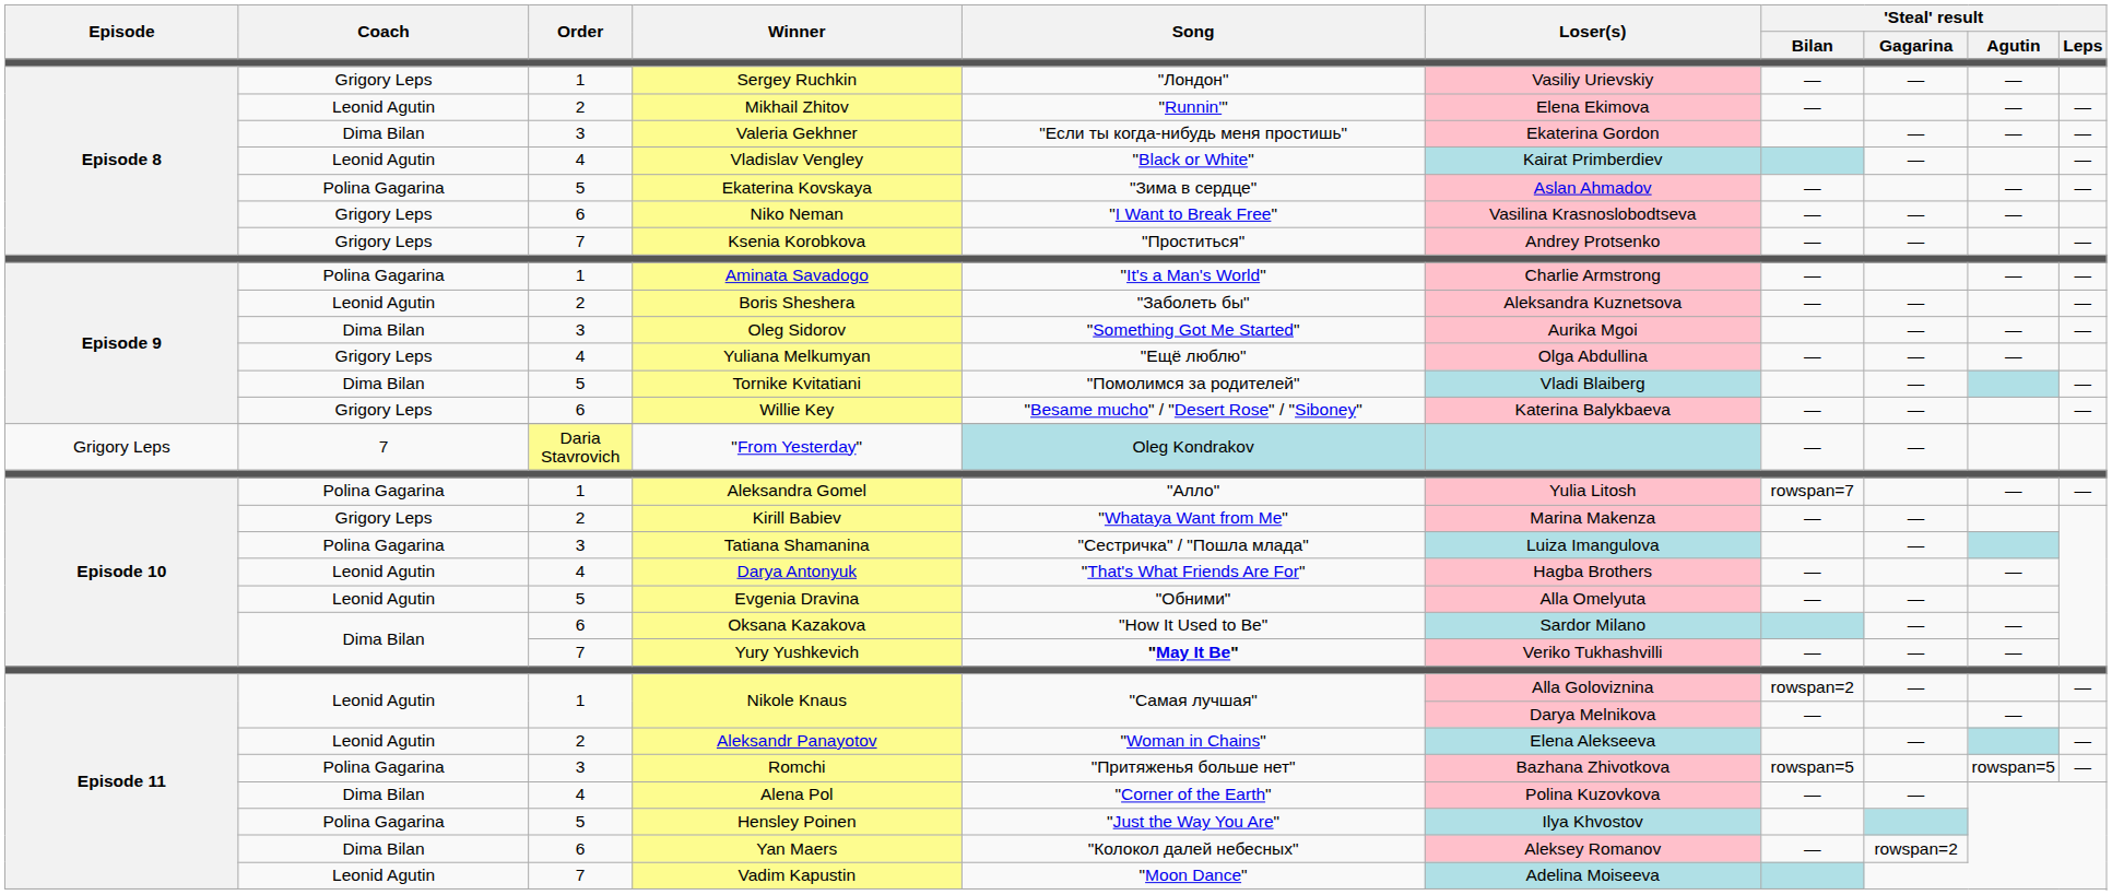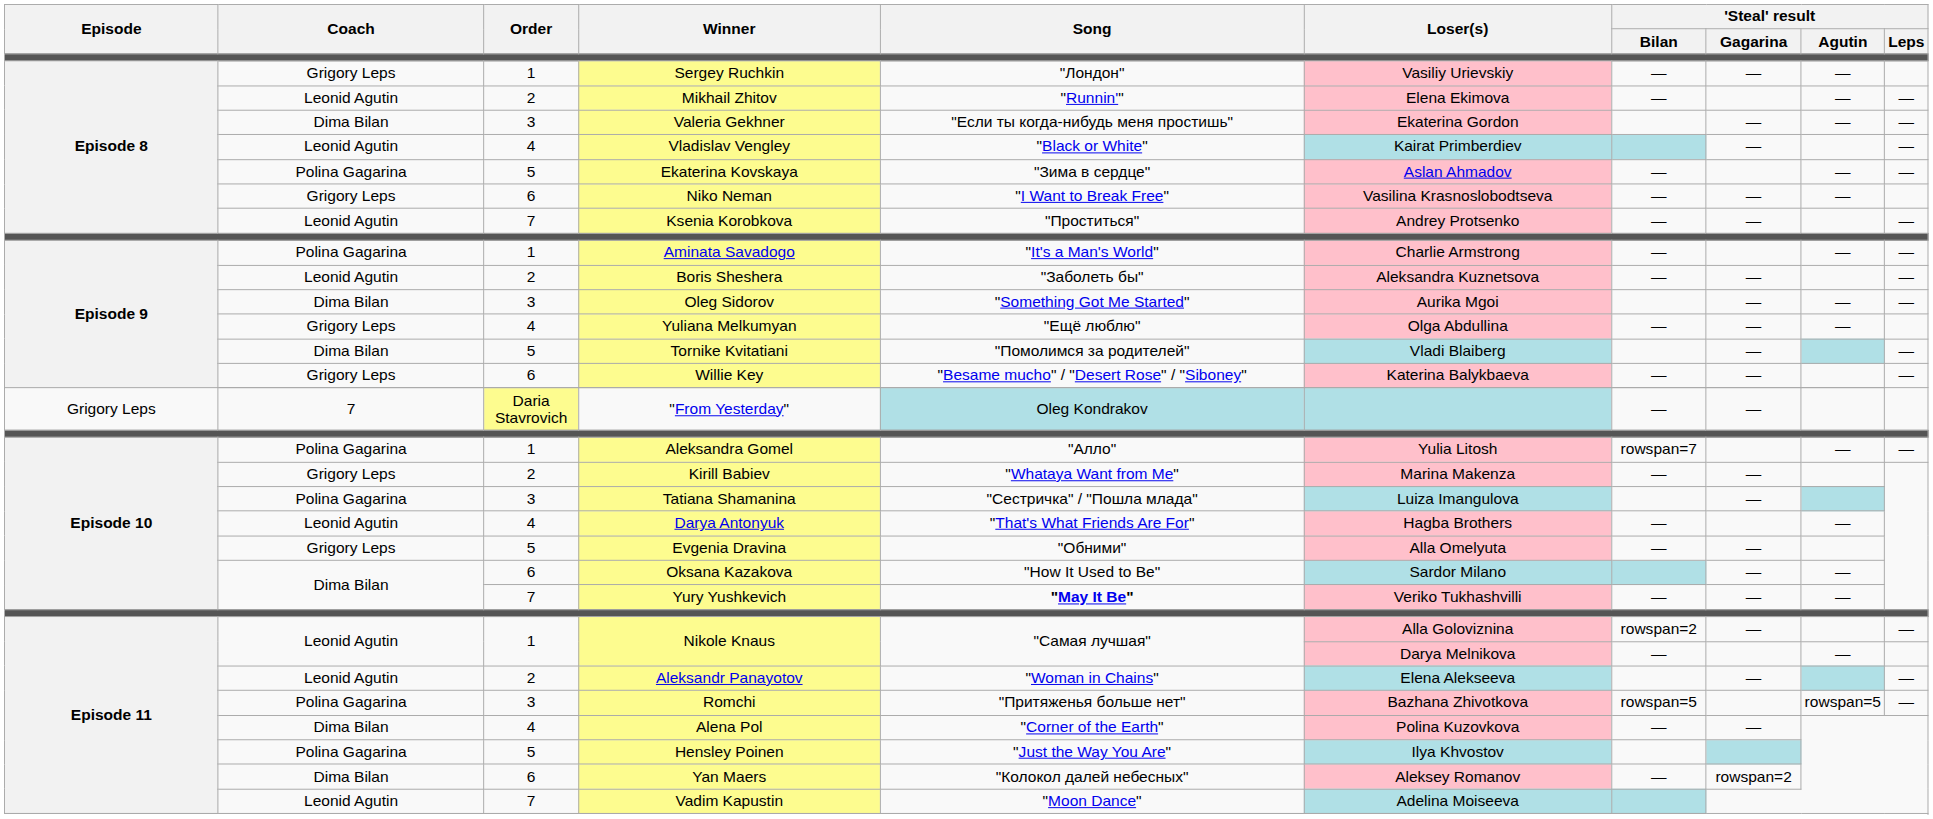 <table class="wikitable" style="text-align: center; width:100%;">
 <tr>
 <th rowspan="2" style="width:12%;">Episode</th>
 <th rowspan="2" style="width:15%;">Coach</th>
 <th rowspan="2" style="width:05%;">Order</th>
 <th rowspan="2" style="width:17%;">Winner</th>
 <th rowspan="2" style="width:24%;">Song</th>
 <th rowspan="2" style="width:17%;">Loser(s)</th>
 <th colspan="4" style="width:20%;">'Steal' result</th>
 </tr>
 <tr>
 <th style="width:05%;">Bilan</th>
 <th style="width:05%;">Gagarina</th>
 <th style="width:05%;">Agutin</th>
 <th style="width:05%;">Leps</th>
 </tr>
 <tr>
 <td colspan="10" style="background:#555;"></td>
 </tr>
 <tr>
 <th rowspan="7">Episode 8<br><small></small></th>
 <td>Grigory Leps</td>
 <td>1</td>
 <td style="background:#fdfc8f;">Sergey Ruchkin</td>
 <td>"Лондон"</td>
 <td style="background:pink;">Vasiliy Urievskiy</td>
 <td>—</td>
 <td>—</td>
 <td>—</td>
 <td></td>
 </tr>
 <tr>
 <td>Leonid Agutin</td>
 <td>2</td>
 <td style="background:#fdfc8f;">Mikhail Zhitov</td>
 <td>"<a href='#'>Runnin'</a>"</td>
 <td style="background:pink;">Elena Ekimova</td>
 <td>—</td>
 <td></td>
 <td>—</td>
 <td>—</td>
 </tr>
 <tr>
 <td>Dima Bilan</td>
 <td>3</td>
 <td style="background:#fdfc8f;">Valeria Gekhner</td>
 <td>"Если ты когда-нибудь меня простишь"</td>
 <td style="background:pink">Ekaterina Gordon</td>
 <td></td>
 <td>—</td>
 <td>—</td>
 <td>—</td>
 </tr>
 <tr>
 <td>Leonid Agutin</td>
 <td>4</td>
 <td style="background:#fdfc8f;">Vladislav Vengley</td>
 <td>"<a href='#'>Black or White</a>"</td>
 <td style="background:#B0E0E6;">Kairat Primberdiev</td>
 <td style="background:#B0E0E6;"><strong></strong></td>
 <td>—</td>
 <td></td>
 <td>—</td>
 </tr>
 <tr>
 <td>Polina Gagarina</td>
 <td>5</td>
 <td style="background:#fdfc8f;">Ekaterina Kovskaya</td>
 <td>"Зима в сердце"</td>
 <td style="background:pink;"><a href='#'>Aslan Ahmadov</a></td>
 <td>—</td>
 <td></td>
 <td>—</td>
 <td>—</td>
 </tr>
 <tr>
 <td>Grigory Leps</td>
 <td>6</td>
 <td style="background:#fdfc8f;">Niko Neman</td>
 <td>"<a href='#'>I Want to Break Free</a>"</td>
 <td style="background:pink;">Vasilina Krasnoslobodtseva</td>
 <td>—</td>
 <td>—</td>
 <td>—</td>
 <td></td>
 </tr>
 <tr>
-<td>Grigory Leps</td>
+<td>Leonid Agutin</td>
 <td>7</td>
 <td style="background:#fdfc8f;">Ksenia Korobkova</td>
 <td>"Проститься"</td>
 <td style="background:pink;">Andrey Protsenko</td>
 <td>—</td>
 <td>—</td>
 <td></td>
 <td>—</td>
 </tr>
 <tr>
 <td colspan="10" style="background:#555;"></td>
 </tr>
 <tr>
 <th rowspan="7">Episode 9<br><small></small></th>
 <td>Polina Gagarina</td>
 <td>1</td>
 <td style="background:#fdfc8f;"><a href='#'>Aminata Savadogo</a></td>
 <td>"<a href='#'>It's a Man's World</a>"</td>
 <td style="background:pink;">Charlie Armstrong</td>
 <td>—</td>
 <td></td>
 <td>—</td>
 <td>—</td>
 </tr>
 <tr>
 <td>Leonid Agutin</td>
 <td>2</td>
 <td style="background:#fdfc8f;">Boris Sheshera</td>
 <td>"Заболеть бы"</td>
 <td style="background:pink;">Aleksandra Kuznetsova</td>
 <td>—</td>
 <td>—</td>
 <td></td>
 <td>—</td>
 </tr>
 <tr>
 <td>Dima Bilan</td>
 <td>3</td>
 <td style="background:#fdfc8f;">Oleg Sidorov</td>
 <td>"<a href='#'>Something Got Me Started</a>"</td>
 <td style="background:pink;">Aurika Mgoi</td>
 <td></td>
 <td>—</td>
 <td>—</td>
 <td>—</td>
 </tr>
 <tr>
 <td>Grigory Leps</td>
 <td>4</td>
 <td style="background:#fdfc8f;">Yuliana Melkumyan</td>
 <td>"Ещё люблю"</td>
 <td style="background:pink;">Olga Abdullina</td>
 <td>—</td>
 <td>—</td>
 <td>—</td>
 <td></td>
 </tr>
 <tr>
 <td>Dima Bilan</td>
 <td>5</td>
 <td style="background:#fdfc8f;">Tornike Kvitatiani</td>
 <td>"Помолимся за родителей"</td>
 <td style="background:#B0E0E6;">Vladi Blaiberg</td>
 <td></td>
 <td>—</td>
 <td style="background:#B0E0E6;"><strong></strong></td>
 <td>—</td>
 </tr>
 <tr>
 <td>Grigory Leps</td>
 <td>6</td>
 <td style="background:#fdfc8f;">Willie Key</td>
 <td>"<a href='#'>Besame mucho</a>" / "<a href='#'>Desert Rose</a>" / "<a href='#'>Siboney</a>"</td>
 <td style="background:pink;">Katerina Balykbaeva</td>
 <td>—</td>
 <td>—</td>
 <td></td>
 <td>—</td>
 </tr>
 <tr>
 </tr>
 <tr>
 <td>Grigory Leps</td>
 <td>7</td>
 <td style="background:#fdfc8f;">Daria Stavrovich</td>
 <td>"<a href='#'>From Yesterday</a>"</td>
 <td style="background:#B0E0E6;">Oleg Kondrakov</td>
 <td style="background:#B0E0E6;"><strong></strong></td>
 <td>—</td>
 <td>—</td>
 <td></td>
 </tr>
 <tr>
 <td colspan="10" style="background:#555;"></td>
 </tr>
 <tr>
 <th rowspan="7">Episode 10<br><small></small></th>
 <td>Polina Gagarina</td>
 <td>1</td>
 <td style="background:#fdfc8f;">Aleksandra Gomel</td>
 <td>"Алло"</td>
 <td style="background:pink;">Yulia Litosh</td>
 <td>rowspan=7 </td>
 <td></td>
 <td>—</td>
 <td>—</td>
 </tr>
 <tr>
 <td>Grigory Leps</td>
 <td>2</td>
 <td style="background:#fdfc8f;">Kirill Babiev</td>
 <td>"<a href='#'>Whataya Want from Me</a>"</td>
 <td style="background:pink;">Marina Makenza</td>
 <td>—</td>
 <td>—</td>
 <td></td>
 </tr>
 <tr>
 <td>Polina Gagarina</td>
 <td>3</td>
 <td style="background:#fdfc8f;">Tatiana Shamanina</td>
 <td>"Сестричка" / "Пошла млада"</td>
 <td style="background:#B0E0E6;">Luiza Imangulova</td>
 <td></td>
 <td>—</td>
 <td style="background:#B0E0E6;"><strong></strong></td>
 </tr>
 <tr>
 <td>Leonid Agutin</td>
 <td>4</td>
 <td style="background:#fdfc8f;"><a href='#'>Darya Antonyuk</a></td>
 <td>"<a href='#'>That's What Friends Are For</a>"</td>
 <td style="background:pink">Hagba Brothers</td>
 <td>—</td>
 <td></td>
 <td>—</td>
 </tr>
 <tr>
-<td>Leonid Agutin</td>
+<td>Grigory Leps</td>
 <td>5</td>
 <td style="background:#fdfc8f;">Evgenia Dravina</td>
 <td>"Обними"</td>
 <td style="background:pink">Alla Omelyuta</td>
 <td>—</td>
 <td>—</td>
 <td></td>
 </tr>
 <tr>
 <td rowspan=2>Dima Bilan</td>
 <td>6</td>
 <td style="background:#fdfc8f;">Oksana Kazakova</td>
 <td>"How It Used to Be"</td>
 <td style="background:#B0E0E6;">Sardor Milano</td>
 <td style="background:#B0E0E6;"><strong></strong></td>
 <td>—</td>
 <td>—</td>
 </tr>
 <tr>
 <td>7</td>
 <td style="background:#fdfc8f;">Yury Yushkevich</td>
 <td><strong>"<a href='#'>May It Be</a>"</strong></td>
 <td style="background:pink;">Veriko Tukhashvilli</td>
 <td>—</td>
 <td>—</td>
 <td>—</td>
 </tr>
 <tr>
 <td colspan="10" style="background:#555;"></td>
 </tr>
 <tr>
 <th rowspan="8">Episode 11<br><small></small></th>
 <td rowspan=2>Leonid Agutin</td>
 <td rowspan=2>1</td>
 <td rowspan=2 style="background:#fdfc8f;">Nikole Knaus</td>
 <td rowspan=2>"Самая лучшая"</td>
 <td style="background:pink">Alla Goloviznina</td>
 <td>rowspan=2 </td>
 <td>—</td>
 <td></td>
 <td>—</td>
 </tr>
 <tr>
 <td style="background:pink">Darya Melnikova</td>
 <td>—</td>
 <td></td>
 <td>—</td>
 </tr>
 <tr>
 <td>Leonid Agutin</td>
 <td>2</td>
 <td style="background:#fdfc8f;"><a href='#'>Aleksandr Panayotov</a></td>
 <td>"<a href='#'>Woman in Chains</a>"</td>
 <td style="background:#B0E0E6;">Elena Alekseeva</td>
 <td><strong></strong></td>
 <td>—</td>
 <td style="background:#B0E0E6;"><strong></strong></td>
 <td>—</td>
 </tr>
 <tr>
 <td>Polina Gagarina</td>
 <td>3</td>
 <td style="background:#fdfc8f;">Romchi</td>
 <td>"Притяженья больше нет"</td>
 <td style="background:pink;">Bazhana Zhivotkova</td>
 <td>rowspan=5 </td>
 <td></td>
 <td>rowspan=5 </td>
 <td>—</td>
 </tr>
 <tr>
 <td>Dima Bilan</td>
 <td>4</td>
 <td style="background:#fdfc8f;">Alena Pol</td>
 <td>"<a href='#'>Corner of the Earth</a>"</td>
 <td style="background:pink">Polina Kuzovkova</td>
 <td>—</td>
 <td>—</td>
 </tr>
 <tr>
 <td>Polina Gagarina</td>
 <td>5</td>
 <td style="background:#fdfc8f;">Hensley Poinen</td>
 <td>"<a href='#'>Just the Way You Are</a>"</td>
 <td style="background:#B0E0E6">Ilya Khvostov</td>
 <td></td>
 <td style="background:#B0E0E6;"><strong></strong></td>
 </tr>
 <tr>
 <td>Dima Bilan</td>
 <td>6</td>
 <td style="background:#fdfc8f;">Yan Maers</td>
 <td>"Колокол далей небесных"</td>
 <td style="background:pink;">Aleksey Romanov</td>
 <td>—</td>
 <td>rowspan=2 </td>
 </tr>
 <tr>
 <td>Leonid Agutin</td>
 <td>7</td>
 <td style="background:#fdfc8f;">Vadim Kapustin</td>
 <td>"<a href='#'>Moon Dance</a>"</td>
 <td style="background:#B0E0E6">Adelina Moiseeva</td>
 <td style="background:#B0E0E6;"><strong></strong></td>
 </tr>
 <tr>
 </tr>
 </table>
